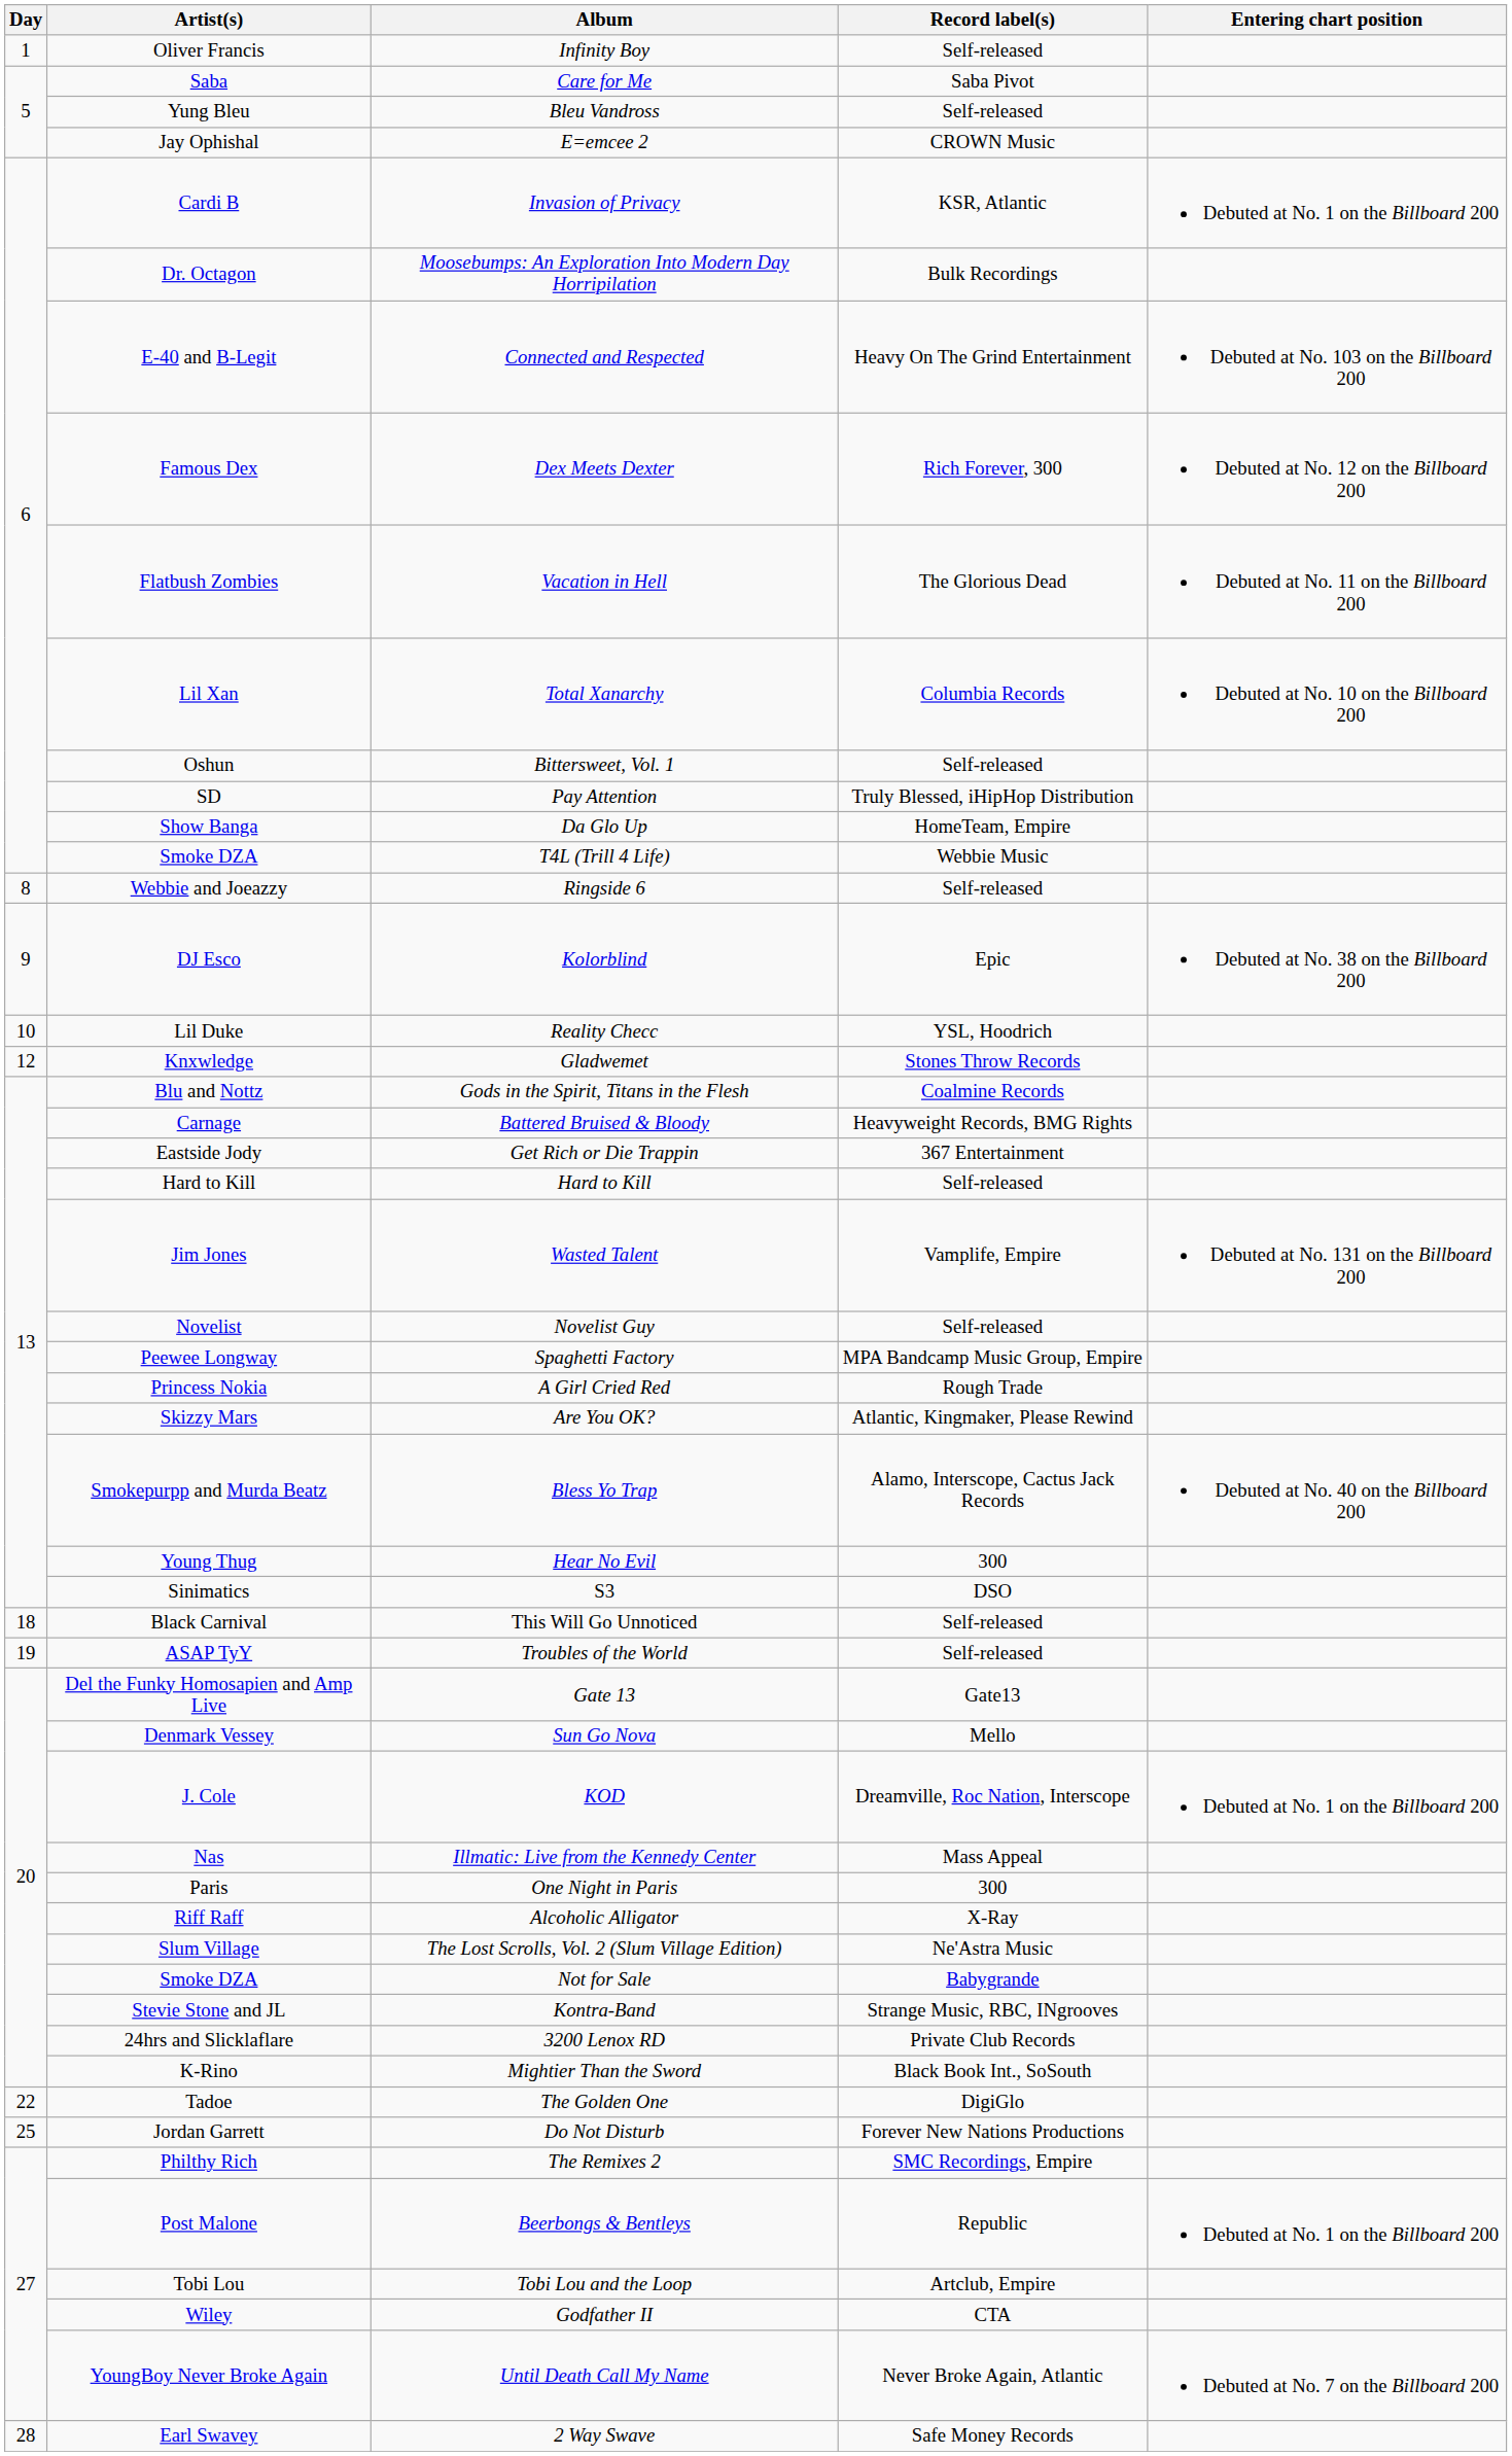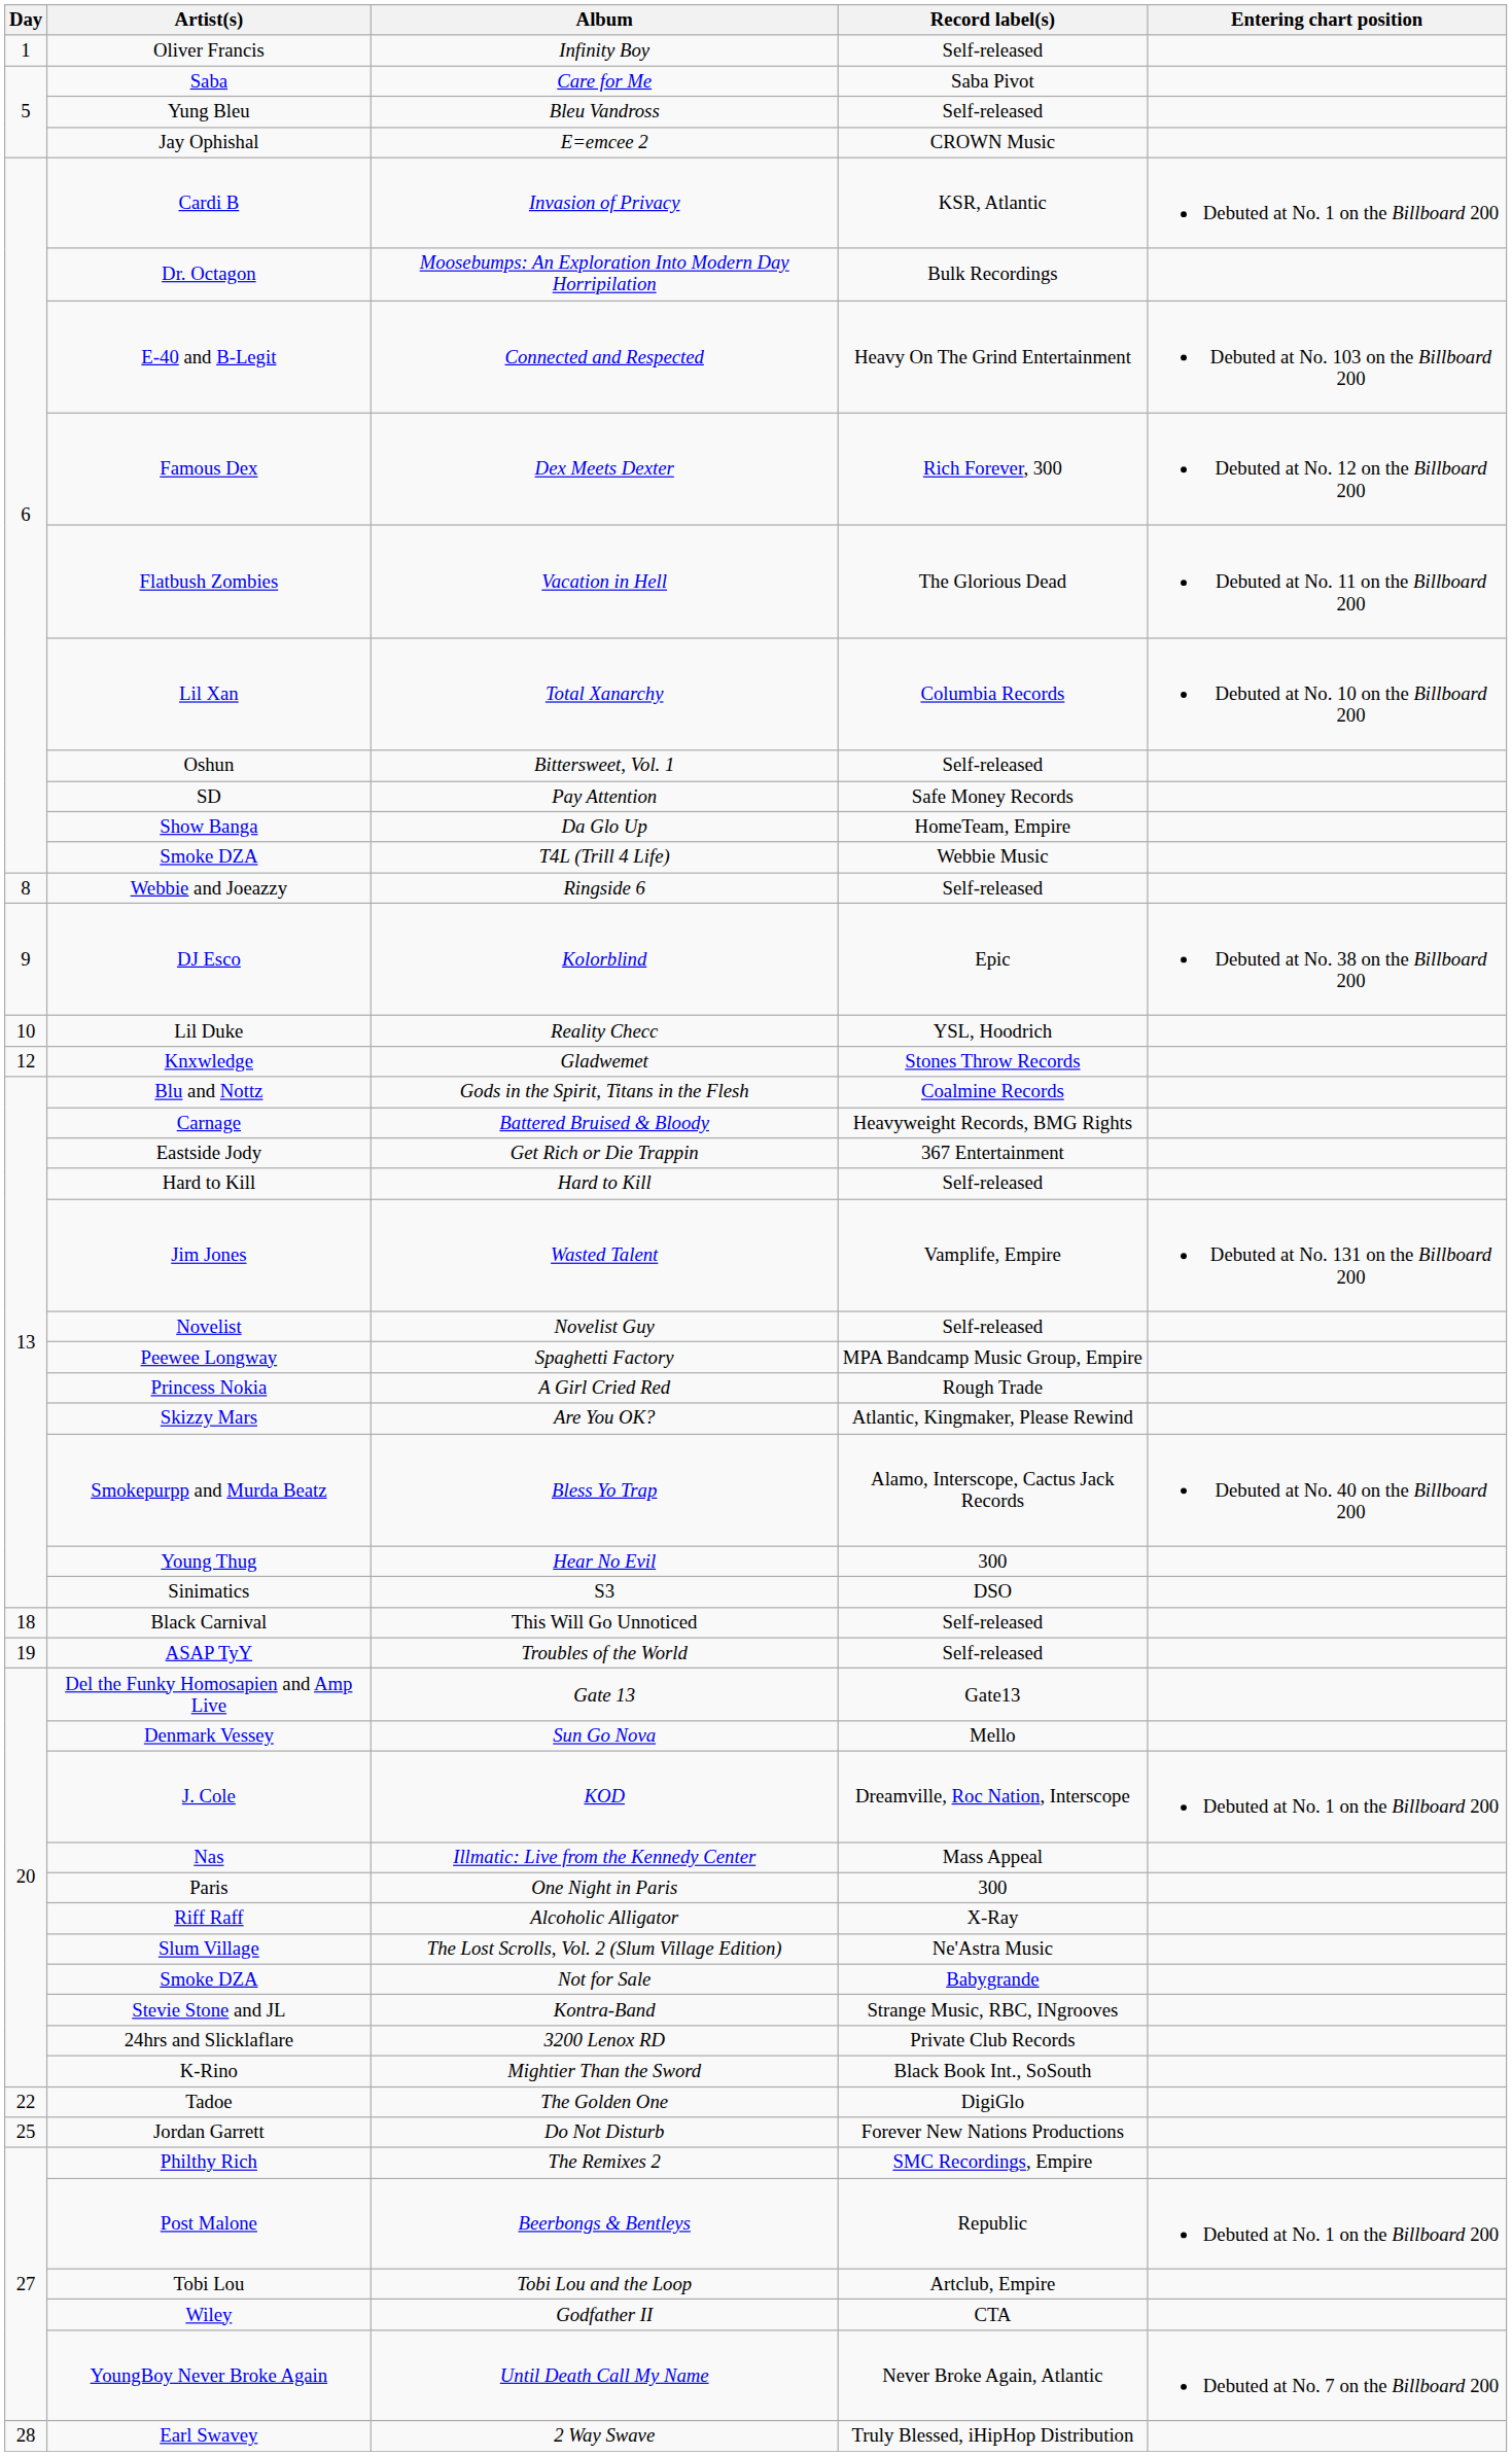 <table class="wikitable" style="text-align:center;">
 <tr>
 <th scope="col">Day</th>
 <th scope="col">Artist(s)</th>
 <th scope="col">Album</th>
 <th scope="col">Record label(s)</th>
 <th scope="col">Entering chart position</th>
 </tr>
 <tr>
 <td>1</td>
 <td>Oliver Francis</td>
 <td><em>Infinity Boy</em></td>
 <td>Self-released</td>
 <td></td>
 </tr>
 <tr>
 <td rowspan="3">5</td>
 <td><a href='#'>Saba</a></td>
 <td><em><a href='#'>Care for Me</a></em></td>
 <td>Saba Pivot</td>
 <td></td>
 </tr>
 <tr>
 <td>Yung Bleu</td>
 <td><em>Bleu Vandross</em></td>
 <td>Self-released</td>
 <td></td>
 </tr>
 <tr>
 <td>Jay Ophishal</td>
 <td><em>E=emcee 2</em></td>
 <td>CROWN Music</td>
 <td></td>
 </tr>
 <tr>
 <td rowspan="10">6</td>
 <td><a href='#'>Cardi B</a></td>
 <td><em><a href='#'>Invasion of Privacy</a></em></td>
 <td>KSR, Atlantic</td>
 <td><br><ul><li>Debuted at No. 1 on the <em>Billboard</em> 200</li></ul></td>
 </tr>
 <tr>
 <td><a href='#'>Dr. Octagon</a></td>
 <td><em><a href='#'>Moosebumps: An Exploration Into Modern Day Horripilation</a> </em></td>
 <td>Bulk Recordings</td>
 <td></td>
 </tr>
 <tr>
 <td><a href='#'>E-40</a> and <a href='#'>B-Legit</a></td>
 <td><em><a href='#'>Connected and Respected</a></em></td>
 <td>Heavy On The Grind Entertainment</td>
 <td><br><ul><li>Debuted at No. 103 on the <em>Billboard</em> 200</li></ul></td>
 </tr>
 <tr>
 <td><a href='#'>Famous Dex</a></td>
 <td><em><a href='#'>Dex Meets Dexter</a></em></td>
 <td><a href='#'>Rich Forever</a>, 300</td>
 <td><br><ul><li>Debuted at No. 12 on the <em>Billboard</em> 200</li></ul></td>
 </tr>
 <tr>
 <td><a href='#'>Flatbush Zombies</a></td>
 <td><em><a href='#'>Vacation in Hell</a></em></td>
 <td>The Glorious Dead</td>
 <td><br><ul><li>Debuted at No. 11 on the <em>Billboard</em> 200</li></ul></td>
 </tr>
 <tr>
 <td><a href='#'>Lil Xan</a></td>
 <td><em><a href='#'>Total Xanarchy</a></em></td>
 <td><a href='#'>Columbia Records</a></td>
 <td><br><ul><li>Debuted at No. 10 on the <em>Billboard</em> 200</li></ul></td>
 </tr>
 <tr>
 <td>Oshun</td>
 <td><em>Bittersweet, Vol. 1</em></td>
 <td>Self-released</td>
 <td></td>
 </tr>
 <tr>
 <td>SD</td>
 <td><em>Pay Attention</em></td>
-<td>Truly Blessed, iHipHop Distribution</td>
+<td>Safe Money Records</td>
 <td></td>
 </tr>
 <tr>
 <td><a href='#'>Show Banga</a></td>
 <td><em>Da Glo Up</em></td>
 <td>HomeTeam, Empire</td>
 <td></td>
 </tr>
 <tr>
 <td><a href='#'>Smoke DZA</a></td>
 <td><em>T4L (Trill 4 Life)</em></td>
 <td>Webbie Music</td>
 <td></td>
 </tr>
 <tr>
 <td>8</td>
 <td><a href='#'>Webbie</a> and Joeazzy</td>
 <td><em>Ringside 6</em></td>
 <td>Self-released</td>
 <td></td>
 </tr>
 <tr>
 <td>9</td>
 <td><a href='#'>DJ Esco</a></td>
 <td><em><a href='#'>Kolorblind</a></em></td>
 <td>Epic</td>
 <td><br><ul><li>Debuted at No. 38 on the <em>Billboard</em> 200</li></ul></td>
 </tr>
 <tr>
 <td>10</td>
 <td>Lil Duke</td>
 <td><em>Reality Checc</em></td>
 <td>YSL, Hoodrich</td>
 <td></td>
 </tr>
 <tr>
 <td>12</td>
 <td><a href='#'>Knxwledge</a></td>
 <td><em>Gladwemet</em></td>
 <td><a href='#'>Stones Throw Records</a></td>
 <td></td>
 </tr>
 <tr>
 <td rowspan="12">13</td>
 <td><a href='#'>Blu</a> and <a href='#'>Nottz</a></td>
 <td><em>Gods in the Spirit, Titans in the Flesh</em></td>
 <td><a href='#'>Coalmine Records</a></td>
 <td></td>
 </tr>
 <tr>
 <td><a href='#'>Carnage</a></td>
 <td><em><a href='#'>Battered Bruised & Bloody</a></em></td>
 <td>Heavyweight Records, BMG Rights</td>
 <td></td>
 </tr>
 <tr>
 <td>Eastside Jody</td>
 <td><em>Get Rich or Die Trappin</em></td>
 <td>367 Entertainment</td>
 <td></td>
 </tr>
 <tr>
 <td>Hard to Kill</td>
 <td><em>Hard to Kill</em></td>
 <td>Self-released</td>
 <td></td>
 </tr>
 <tr>
 <td><a href='#'>Jim Jones</a></td>
 <td><em><a href='#'>Wasted Talent</a></em></td>
 <td>Vamplife, Empire</td>
 <td><br><ul><li>Debuted at No. 131 on the <em>Billboard</em> 200</li></ul></td>
 </tr>
 <tr>
 <td><a href='#'>Novelist</a></td>
 <td><em>Novelist Guy</em></td>
 <td>Self-released</td>
 <td></td>
 </tr>
 <tr>
 <td><a href='#'>Peewee Longway</a></td>
 <td><em>Spaghetti Factory</em></td>
 <td>MPA Bandcamp Music Group, Empire</td>
 <td></td>
 </tr>
 <tr>
 <td><a href='#'>Princess Nokia</a></td>
 <td><em>A Girl Cried Red</em></td>
 <td>Rough Trade</td>
 <td></td>
 </tr>
 <tr>
 <td><a href='#'>Skizzy Mars</a></td>
 <td><em>Are You OK?</em></td>
 <td>Atlantic, Kingmaker, Please Rewind</td>
 <td></td>
 </tr>
 <tr>
 <td><a href='#'>Smokepurpp</a> and <a href='#'>Murda Beatz</a></td>
 <td><em><a href='#'>Bless Yo Trap</a></em></td>
 <td>Alamo, Interscope, Cactus Jack Records</td>
 <td><br><ul><li>Debuted at No. 40 on the <em>Billboard</em> 200</li></ul></td>
 </tr>
 <tr>
 <td><a href='#'>Young Thug</a></td>
 <td><em><a href='#'>Hear No Evil</a></em></td>
 <td>300</td>
 <td></td>
 </tr>
 <tr>
 <td>Sinimatics</td>
 <td>S3</td>
 <td>DSO</td>
 <td></td>
 </tr>
 <tr>
 <td>18</td>
 <td>Black Carnival</td>
 <td>This Will Go Unnoticed</td>
 <td>Self-released</td>
 <td></td>
 </tr>
 <tr>
 <td>19</td>
 <td><a href='#'>ASAP TyY</a></td>
 <td><em>Troubles of the World</em></td>
 <td>Self-released</td>
 <td></td>
 </tr>
 <tr>
 <td rowspan="11">20</td>
 <td><a href='#'>Del the Funky Homosapien</a> and <a href='#'>Amp Live</a></td>
 <td><em>Gate 13</em></td>
 <td>Gate13</td>
 <td></td>
 </tr>
 <tr>
 <td><a href='#'>Denmark Vessey</a></td>
 <td><em><a href='#'>Sun Go Nova</a></em></td>
 <td>Mello</td>
 <td></td>
 </tr>
 <tr>
 <td><a href='#'>J. Cole</a></td>
 <td><em><a href='#'>KOD</a></em></td>
 <td>Dreamville, <a href='#'>Roc Nation</a>, Interscope</td>
 <td><br><ul><li>Debuted at No. 1 on the <em>Billboard</em> 200</li></ul></td>
 </tr>
 <tr>
 <td><a href='#'>Nas</a></td>
 <td><em><a href='#'>Illmatic: Live from the Kennedy Center</a></em></td>
 <td>Mass Appeal</td>
 <td></td>
 </tr>
 <tr>
 <td>Paris</td>
 <td><em>One Night in Paris</em></td>
 <td>300</td>
 <td></td>
 </tr>
 <tr>
 <td><a href='#'>Riff Raff</a></td>
 <td><em>Alcoholic Alligator</em></td>
 <td>X-Ray</td>
 <td></td>
 </tr>
 <tr>
 <td><a href='#'>Slum Village</a></td>
 <td><em>The Lost Scrolls, Vol. 2 (Slum Village Edition)</em></td>
 <td>Ne'Astra Music</td>
 <td></td>
 </tr>
 <tr>
 <td><a href='#'>Smoke DZA</a></td>
 <td><em>Not for Sale</em></td>
 <td><a href='#'>Babygrande</a></td>
 <td></td>
 </tr>
 <tr>
 <td><a href='#'>Stevie Stone</a> and JL</td>
 <td><em>Kontra-Band</em></td>
 <td>Strange Music, RBC, INgrooves</td>
 <td></td>
 </tr>
 <tr>
 <td>24hrs and Slicklaflare</td>
 <td><em>3200 Lenox RD</em></td>
 <td>Private Club Records</td>
 <td></td>
 </tr>
 <tr>
 <td>K-Rino</td>
 <td><em>Mightier Than the Sword</em></td>
 <td>Black Book Int., SoSouth</td>
 <td></td>
 </tr>
 <tr>
 <td>22</td>
 <td>Tadoe</td>
 <td><em>The Golden One</em></td>
 <td>DigiGlo</td>
 <td></td>
 </tr>
 <tr>
 <td>25</td>
 <td>Jordan Garrett</td>
 <td><em>Do Not Disturb</em></td>
 <td>Forever New Nations Productions</td>
 <td></td>
 </tr>
 <tr>
 <td rowspan="5">27</td>
 <td><a href='#'>Philthy Rich</a></td>
 <td><em>The Remixes 2</em></td>
 <td><a href='#'>SMC Recordings</a>, Empire</td>
 <td></td>
 </tr>
 <tr>
 <td><a href='#'>Post Malone</a></td>
 <td><em><a href='#'>Beerbongs & Bentleys</a></em></td>
 <td>Republic</td>
 <td><br><ul><li>Debuted at No. 1 on the <em>Billboard</em> 200</li></ul></td>
 </tr>
 <tr>
 <td>Tobi Lou</td>
 <td><em>Tobi Lou and the Loop</em></td>
 <td>Artclub, Empire</td>
 <td></td>
 </tr>
 <tr>
 <td><a href='#'>Wiley</a></td>
 <td><em>Godfather II</em></td>
 <td>CTA</td>
 <td></td>
 </tr>
 <tr>
 <td><a href='#'>YoungBoy Never Broke Again</a></td>
 <td><em><a href='#'>Until Death Call My Name</a></em></td>
 <td>Never Broke Again, Atlantic</td>
 <td><br><ul><li>Debuted at No. 7 on the <em>Billboard</em> 200</li></ul></td>
 </tr>
 <tr>
 <td>28</td>
 <td><a href='#'>Earl Swavey</a></td>
 <td><em>2 Way Swave</em></td>
-<td>Safe Money Records</td>
+<td>Truly Blessed, iHipHop Distribution</td>
 <td></td>
 </tr>
 <tr>
 </tr>
 </table>
